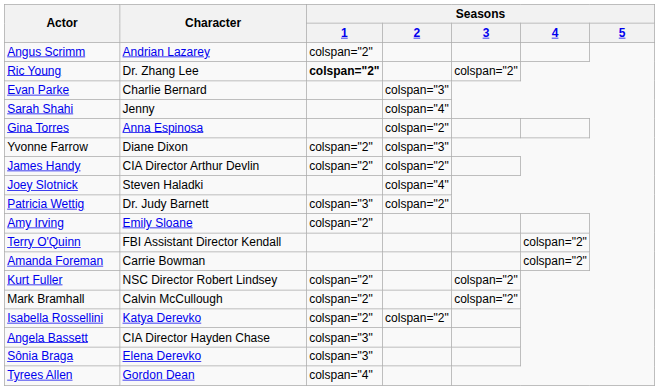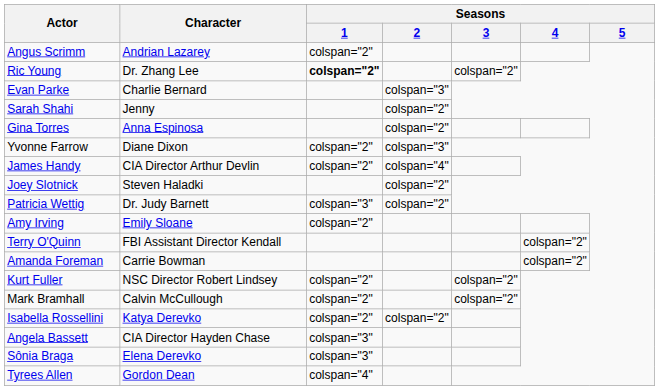 <table class="wikitable">
 <tr>
 <th rowspan="2">Actor</th>
 <th rowspan="2">Character</th>
 <th colspan="5">Seasons</th>
 </tr>
 <tr>
 <th style="width:10%;"><a href='#'>1</a></th>
 <th style="width:10%;"><a href='#'>2</a></th>
 <th style="width:10%;"><a href='#'>3</a></th>
 <th style="width:10%;"><a href='#'>4</a></th>
 <th style="width:10%;"><a href='#'>5</a></th>
 </tr>
 <tr>
 <td><a href='#'>Angus Scrimm</a></td>
 <td><a href='#'>Andrian Lazarey</a></td>
 <td>colspan="2" </td>
 <td></td>
 <td></td>
 <td></td>
 </tr>
 <tr>
 <td><a href='#'>Ric Young</a></td>
 <td>Dr. Zhang Lee</td>
 <td><strong>colspan="2" </strong></td>
 <td></td>
 <td>colspan="2" </td>
 </tr>
 <tr>
 <td><a href='#'>Evan Parke</a></td>
 <td>Charlie Bernard</td>
 <td></td>
 <td>colspan="3" </td>
 </tr>
 <tr>
 <td><a href='#'>Sarah Shahi</a></td>
 <td>Jenny</td>
 <td></td>
-<td>colspan="4" </td>
+<td>colspan="2" </td>
 </tr>
 <tr>
 <td><a href='#'>Gina Torres</a></td>
 <td><a href='#'>Anna Espinosa</a></td>
 <td></td>
 <td>colspan="2" </td>
 <td></td>
 <td></td>
 </tr>
 <tr>
 <td>Yvonne Farrow</td>
 <td>Diane Dixon</td>
 <td>colspan="2" </td>
 <td>colspan="3" </td>
 </tr>
 <tr>
 <td><a href='#'>James Handy</a></td>
 <td>CIA Director Arthur Devlin</td>
 <td>colspan="2" </td>
-<td>colspan="2" </td>
+<td>colspan="4" </td>
 <td></td>
 </tr>
 <tr>
 <td><a href='#'>Joey Slotnick</a></td>
 <td>Steven Haladki</td>
 <td></td>
-<td>colspan="4" </td>
+<td>colspan="2" </td>
 </tr>
 <tr>
 <td><a href='#'>Patricia Wettig</a></td>
 <td>Dr. Judy Barnett</td>
 <td>colspan="3" </td>
 <td>colspan="2" </td>
 </tr>
 <tr>
 <td><a href='#'>Amy Irving</a></td>
 <td><a href='#'>Emily Sloane</a></td>
 <td>colspan="2" </td>
 <td></td>
 <td></td>
 <td></td>
 </tr>
 <tr>
 <td><a href='#'>Terry O'Quinn</a></td>
 <td>FBI Assistant Director Kendall</td>
 <td></td>
 <td></td>
 <td></td>
 <td>colspan="2" </td>
 </tr>
 <tr>
 <td><a href='#'>Amanda Foreman</a></td>
 <td>Carrie Bowman</td>
 <td></td>
 <td></td>
 <td></td>
 <td>colspan="2" </td>
 </tr>
 <tr>
 <td><a href='#'>Kurt Fuller</a></td>
 <td>NSC Director Robert Lindsey</td>
 <td>colspan="2" </td>
 <td></td>
 <td>colspan="2" </td>
 </tr>
 <tr>
 <td>Mark Bramhall</td>
 <td>Calvin McCullough</td>
 <td>colspan="2" </td>
 <td></td>
 <td>colspan="2" </td>
 </tr>
 <tr>
 <td><a href='#'>Isabella Rossellini</a></td>
 <td><a href='#'>Katya Derevko</a></td>
 <td>colspan="2" </td>
 <td>colspan="2" </td>
 <td></td>
 </tr>
 <tr>
 <td><a href='#'>Angela Bassett</a></td>
 <td>CIA Director Hayden Chase</td>
 <td>colspan="3" </td>
 <td></td>
 <td></td>
 </tr>
 <tr>
 <td><a href='#'>Sônia Braga</a></td>
 <td><a href='#'>Elena Derevko</a></td>
 <td>colspan="3" </td>
 <td></td>
 <td></td>
 </tr>
 <tr>
 <td><a href='#'>Tyrees Allen</a></td>
 <td><a href='#'>Gordon Dean</a></td>
 <td>colspan="4" </td>
 <td></td>
 </tr>
 </table>
